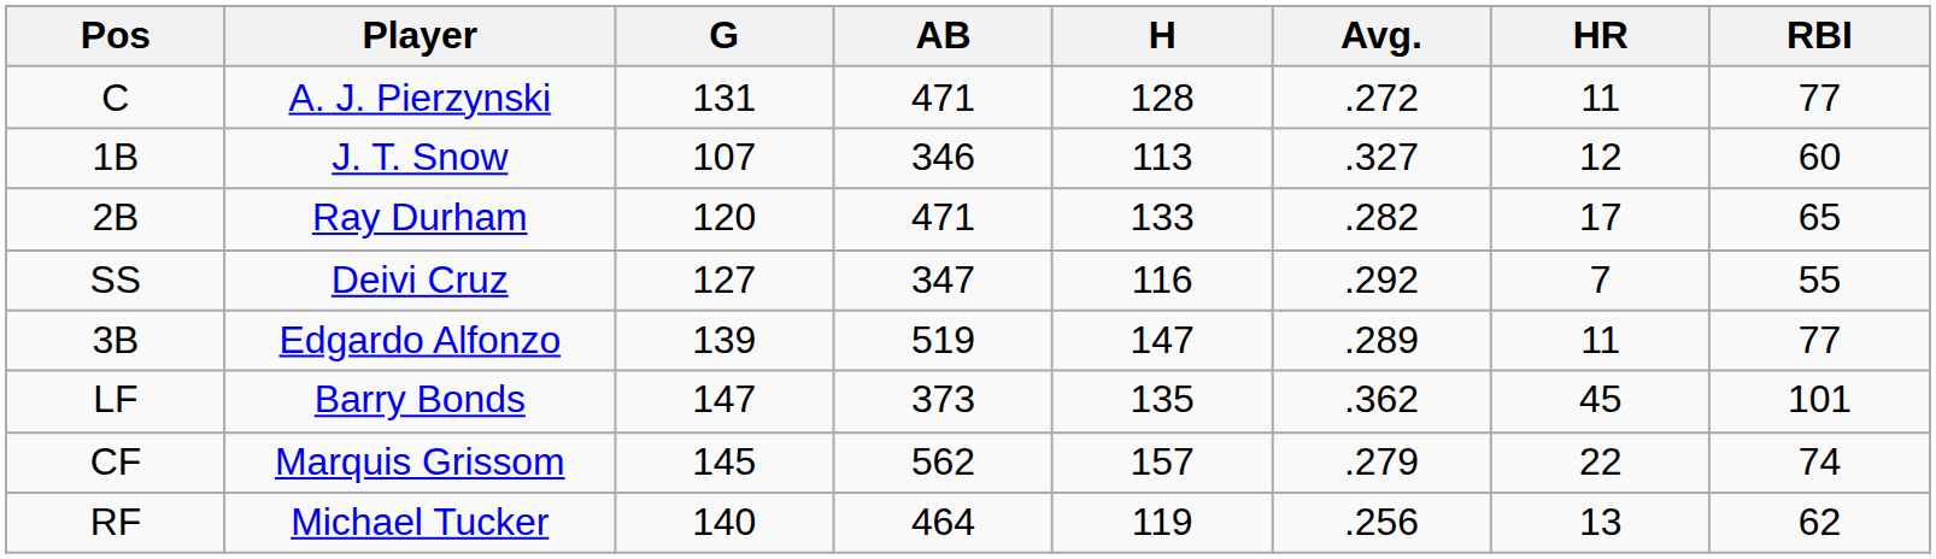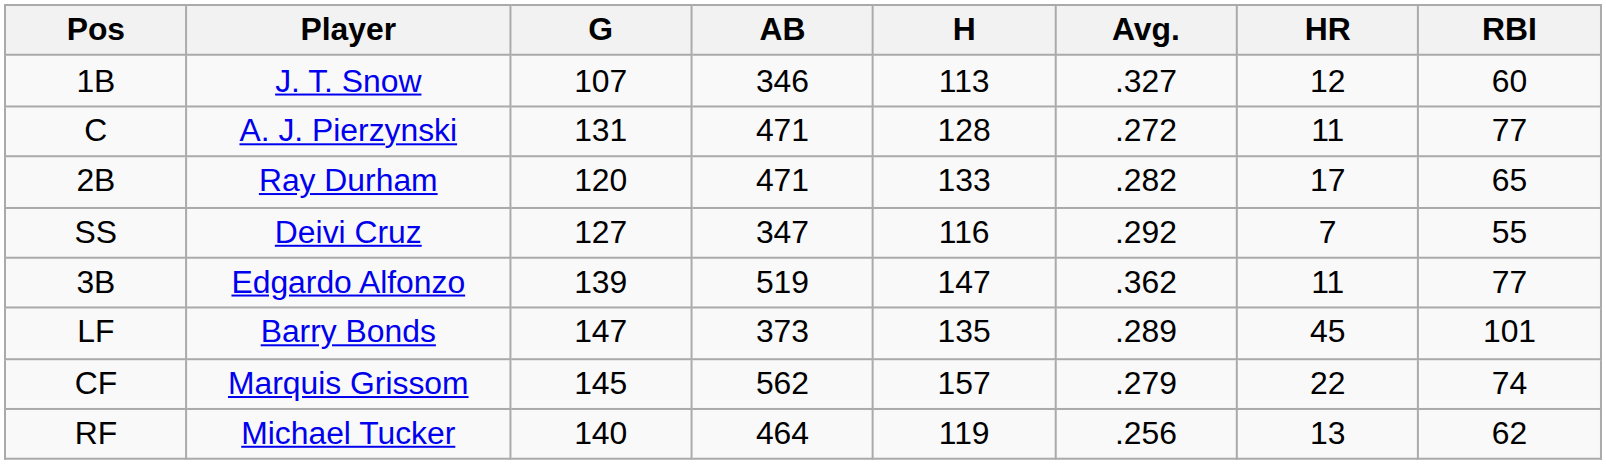 <table class="wikitable sortable">
 <tr>
 <th bgcolor="#DDDDFF" width="9%">Pos</th>
 <th bgcolor="#DDDDFF" width="16%">Player</th>
 <th bgcolor="#DDDDFF" width="9%">G</th>
 <th bgcolor="#DDDDFF" width="9%">AB</th>
 <th bgcolor="#DDDDFF" width="9%">H</th>
 <th bgcolor="#DDDDFF" width="9%">Avg.</th>
 <th bgcolor="#DDDDFF" width="9%">HR</th>
 <th bgcolor="#DDDDFF" width="9%">RBI</th>
 </tr>
 <tr align=center>
+<td>1B</td>
+<td><a href='#'>J. T. Snow</a></td>
+<td>107</td>
+<td>346</td>
+<td>113</td>
+<td>.327</td>
+<td>12</td>
+<td>60</td>
+</tr>
+<tr align=center>
 <td>C</td>
 <td><a href='#'>A. J. Pierzynski</a></td>
 <td>131</td>
 <td>471</td>
 <td>128</td>
 <td>.272</td>
 <td>11</td>
 <td>77</td>
-</tr>
-<tr align=center>
-<td>1B</td>
-<td><a href='#'>J. T. Snow</a></td>
-<td>107</td>
-<td>346</td>
-<td>113</td>
-<td>.327</td>
-<td>12</td>
-<td>60</td>
 </tr>
 <tr align=center>
 <td>2B</td>
 <td><a href='#'>Ray Durham</a></td>
 <td>120</td>
 <td>471</td>
 <td>133</td>
 <td>.282</td>
 <td>17</td>
 <td>65</td>
 </tr>
 <tr align=center>
 <td>SS</td>
 <td><a href='#'>Deivi Cruz</a></td>
 <td>127</td>
 <td>347</td>
 <td>116</td>
 <td>.292</td>
 <td>7</td>
 <td>55</td>
 </tr>
 <tr align=center>
 <td>3B</td>
 <td><a href='#'>Edgardo Alfonzo</a></td>
 <td>139</td>
 <td>519</td>
 <td>147</td>
-<td>.289</td>
+<td>.362</td>
 <td>11</td>
 <td>77</td>
 </tr>
 <tr align=center>
 <td>LF</td>
 <td><a href='#'>Barry Bonds</a></td>
 <td>147</td>
 <td>373</td>
 <td>135</td>
-<td>.362</td>
+<td>.289</td>
 <td>45</td>
 <td>101</td>
 </tr>
 <tr align=center>
 <td>CF</td>
 <td><a href='#'>Marquis Grissom</a></td>
 <td>145</td>
 <td>562</td>
 <td>157</td>
 <td>.279</td>
 <td>22</td>
 <td>74</td>
 </tr>
 <tr align=center>
 <td>RF</td>
 <td><a href='#'>Michael Tucker</a></td>
 <td>140</td>
 <td>464</td>
 <td>119</td>
 <td>.256</td>
 <td>13</td>
 <td>62</td>
 </tr>
 </table>
